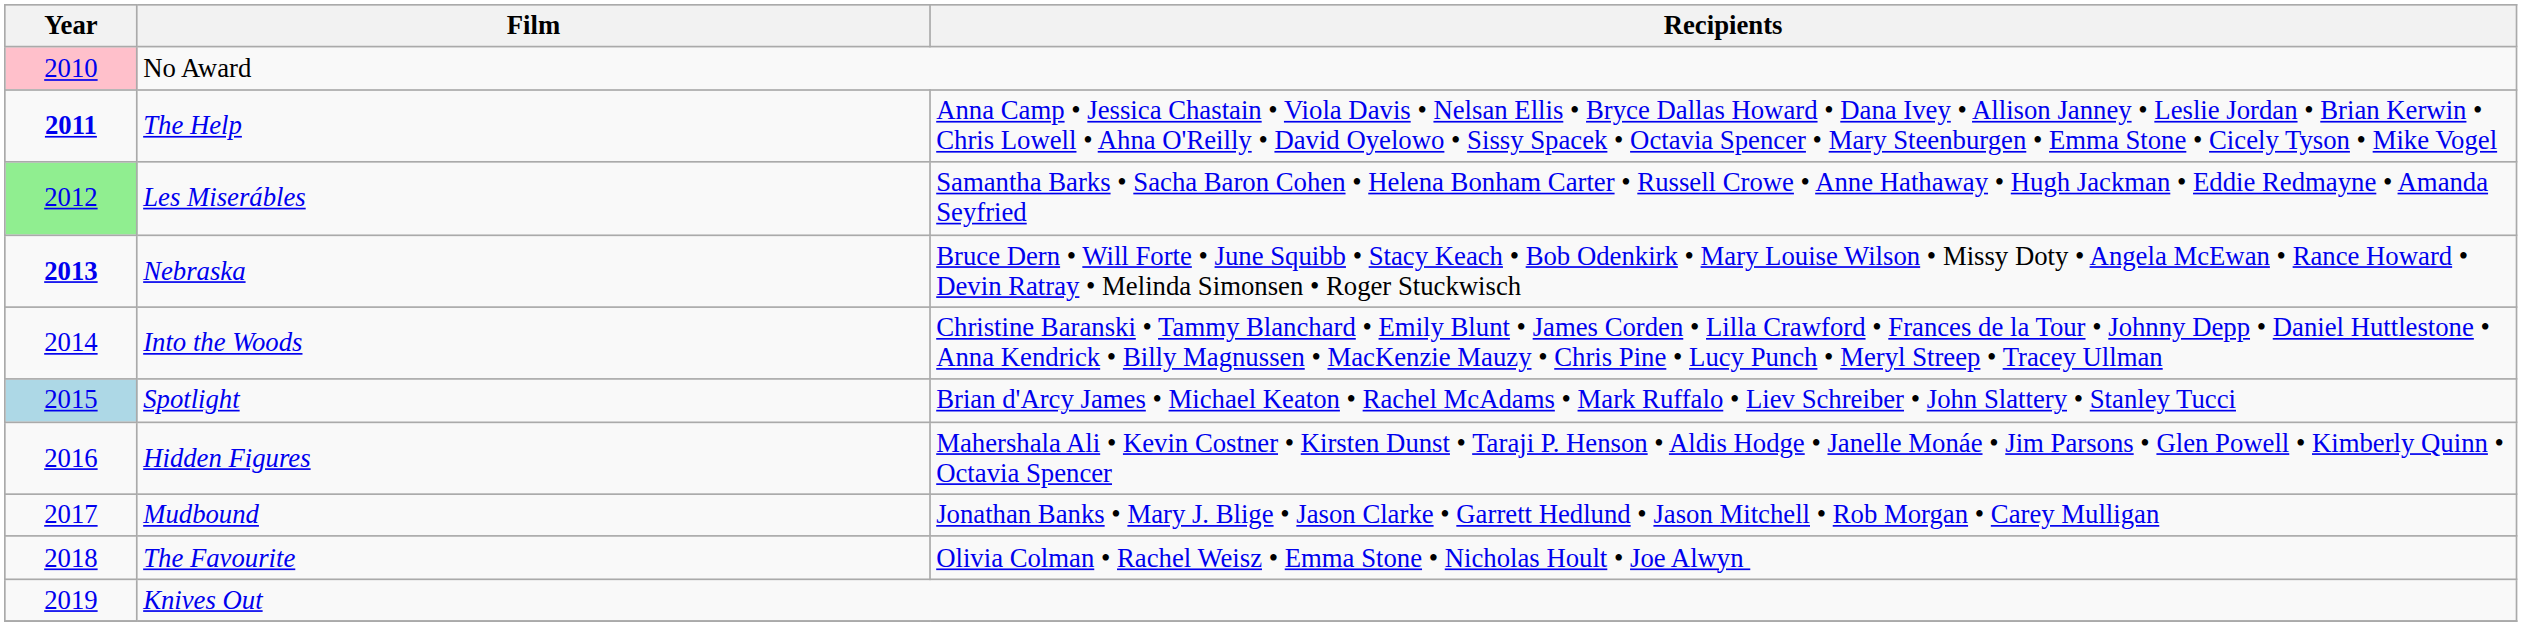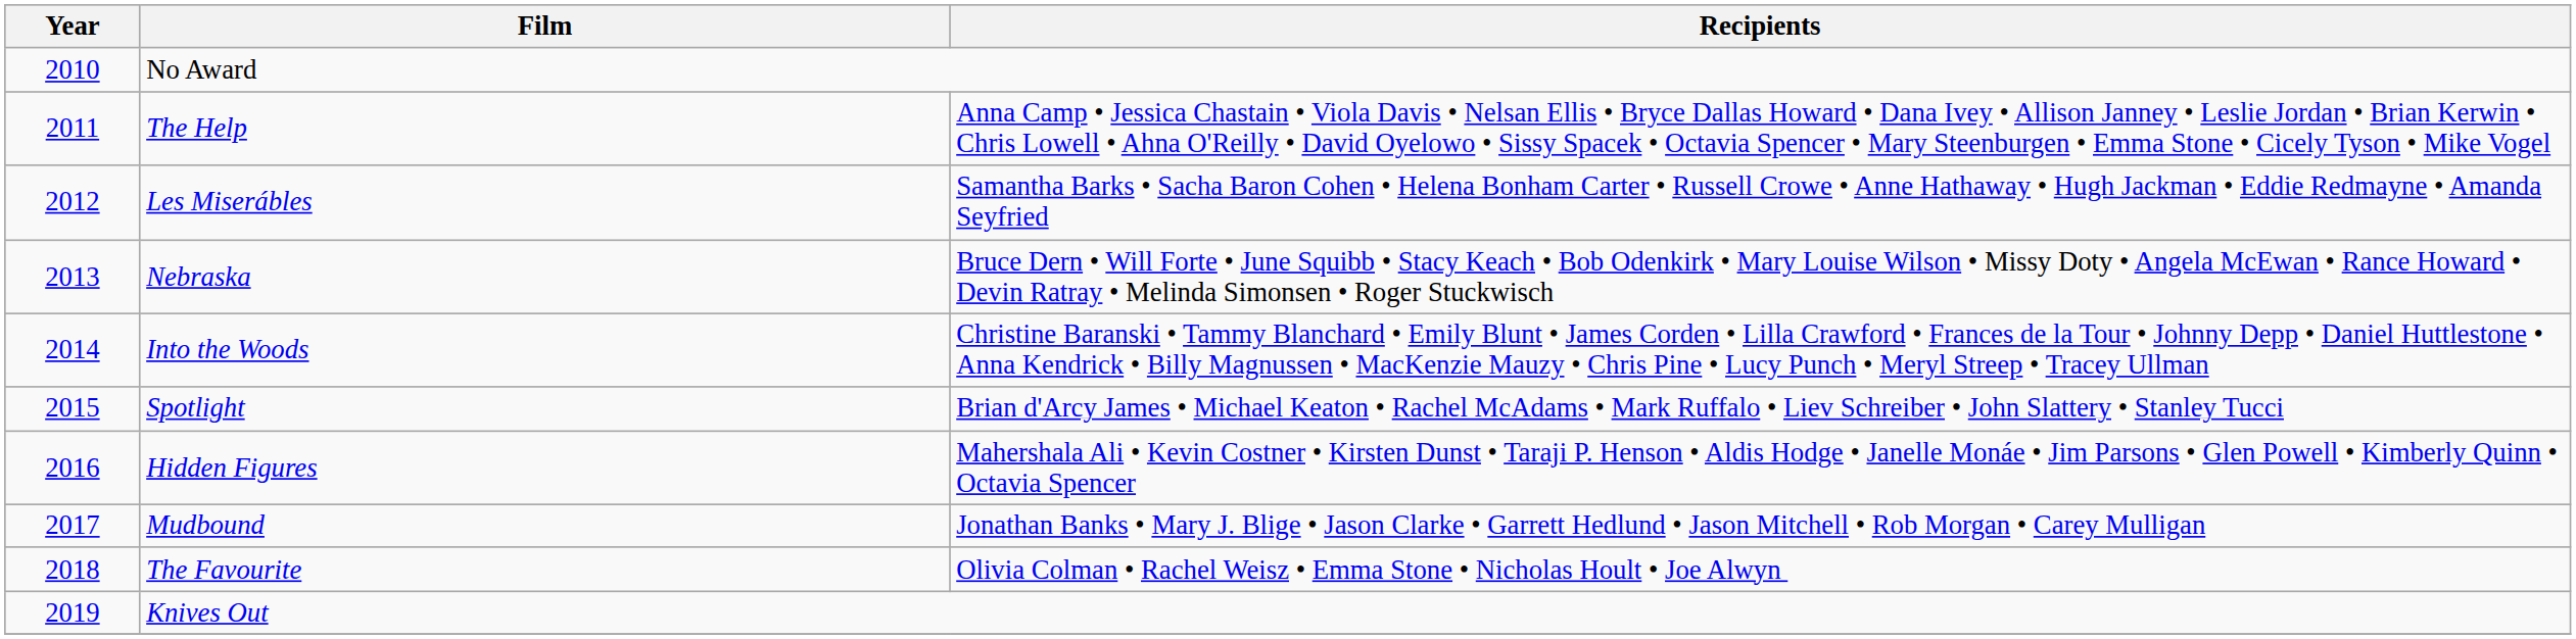 <table class="wikitable" width="95%" cellpadding="5">
 <tr>
 <th width="5%">Year</th>
 <th width="30%">Film</th>
 <th width="60%">Recipients</th>
 </tr>
 <tr>
-<td style="background: pink; text-align:center;"><a href='#'>2010</a></td>
+<td style="text-align:center;"><a href='#'>2010</a></td>
 <td colspan=2>No Award</td>
 </tr>
 <tr>
-<td style="text-align:center;"><strong><a href='#'>2011</a></strong></td>
+<td style="text-align:center;"><a href='#'>2011</a></td>
 <td><em><a href='#'>The Help</a></em></td>
 <td><a href='#'>Anna Camp</a> • <a href='#'>Jessica Chastain</a> • <a href='#'>Viola Davis</a> • <a href='#'>Nelsan Ellis</a> • <a href='#'>Bryce Dallas Howard</a> • <a href='#'>Dana Ivey</a> • <a href='#'>Allison Janney</a> • <a href='#'>Leslie Jordan</a> • <a href='#'>Brian Kerwin</a> • <a href='#'>Chris Lowell</a> • <a href='#'>Ahna O'Reilly</a> • <a href='#'>David Oyelowo</a> • <a href='#'>Sissy Spacek</a> • <a href='#'>Octavia Spencer</a> • <a href='#'>Mary Steenburgen</a> • <a href='#'>Emma Stone</a> • <a href='#'>Cicely Tyson</a> • <a href='#'>Mike Vogel</a></td>
 </tr>
 <tr>
-<td style="background: lightgreen; text-align:center;"><a href='#'>2012</a></td>
+<td style="text-align:center;"><a href='#'>2012</a></td>
 <td><em><a href='#'>Les Miserábles</a></em></td>
 <td><a href='#'>Samantha Barks</a> • <a href='#'>Sacha Baron Cohen</a> • <a href='#'>Helena Bonham Carter</a> • <a href='#'>Russell Crowe</a> • <a href='#'>Anne Hathaway</a> • <a href='#'>Hugh Jackman</a> • <a href='#'>Eddie Redmayne</a> • <a href='#'>Amanda Seyfried</a></td>
 </tr>
 <tr>
-<td style="text-align:center;"><strong><a href='#'>2013</a></strong></td>
+<td style="text-align:center;"><a href='#'>2013</a></td>
 <td><em><a href='#'>Nebraska</a></em></td>
 <td><a href='#'>Bruce Dern</a> • <a href='#'>Will Forte</a> • <a href='#'>June Squibb</a> • <a href='#'>Stacy Keach</a> • <a href='#'>Bob Odenkirk</a> • <a href='#'>Mary Louise Wilson</a> • Missy Doty • <a href='#'>Angela McEwan</a> • <a href='#'>Rance Howard</a> • <a href='#'>Devin Ratray</a> • Melinda Simonsen • Roger Stuckwisch</td>
 </tr>
 <tr>
 <td style="text-align:center;"><a href='#'>2014</a></td>
 <td><em><a href='#'>Into the Woods</a></em></td>
 <td><a href='#'>Christine Baranski</a> • <a href='#'>Tammy Blanchard</a> • <a href='#'>Emily Blunt</a> • <a href='#'>James Corden</a> • <a href='#'>Lilla Crawford</a> • <a href='#'>Frances de la Tour</a> • <a href='#'>Johnny Depp</a> • <a href='#'>Daniel Huttlestone</a> • <a href='#'>Anna Kendrick</a> • <a href='#'>Billy Magnussen</a> • <a href='#'>MacKenzie Mauzy</a> • <a href='#'>Chris Pine</a> • <a href='#'>Lucy Punch</a> • <a href='#'>Meryl Streep</a> • <a href='#'>Tracey Ullman</a></td>
 </tr>
 <tr>
-<td style="background: lightblue; text-align:center;"><a href='#'>2015</a><br></td>
+<td style="text-align:center;"><a href='#'>2015</a><br></td>
 <td><em><a href='#'>Spotlight</a></em></td>
 <td><a href='#'>Brian d'Arcy James</a> • <a href='#'>Michael Keaton</a> • <a href='#'>Rachel McAdams</a> • <a href='#'>Mark Ruffalo</a> • <a href='#'>Liev Schreiber</a> • <a href='#'>John Slattery</a> • <a href='#'>Stanley Tucci</a></td>
 </tr>
 <tr>
 <td style="text-align:center;"><a href='#'>2016</a><br></td>
 <td><em><a href='#'>Hidden Figures</a></em></td>
 <td><a href='#'>Mahershala Ali</a> • <a href='#'>Kevin Costner</a> • <a href='#'>Kirsten Dunst</a> • <a href='#'>Taraji P. Henson</a> • <a href='#'>Aldis Hodge</a> • <a href='#'>Janelle Monáe</a> • <a href='#'>Jim Parsons</a> • <a href='#'>Glen Powell</a> • <a href='#'>Kimberly Quinn</a> • <a href='#'>Octavia Spencer</a></td>
 </tr>
 <tr>
 <td style="text-align:center;"><a href='#'>2017</a><br></td>
 <td><em><a href='#'>Mudbound</a></em></td>
 <td><a href='#'>Jonathan Banks</a> • <a href='#'>Mary J. Blige</a> • <a href='#'>Jason Clarke</a> • <a href='#'>Garrett Hedlund</a> • <a href='#'>Jason Mitchell</a> • <a href='#'>Rob Morgan</a> • <a href='#'>Carey Mulligan</a></td>
 </tr>
 <tr>
 <td style="text-align:center;"><a href='#'>2018</a><br></td>
 <td><em><a href='#'>The Favourite</a></em></td>
 <td><a href='#'>Olivia Colman</a> • <a href='#'>Rachel Weisz</a> • <a href='#'>Emma Stone</a> • <a href='#'>Nicholas Hoult</a> • <a href='#'>Joe Alwyn </a></td>
 </tr>
 <tr>
 <td style="text-align:center;"><a href='#'>2019</a><br></td>
 <td colspan="2"><em><a href='#'>Knives Out</a></em></td>
 </tr>
 <tr>
 </tr>
 </table>
